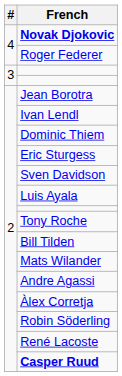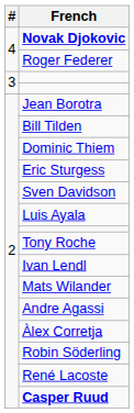 <table class=wikitable style="display:inline-table;">
 <tr>
 <th>#</th>
 <th>French</th>
 </tr>
 <tr>
 <td rowspan="2">4</td>
 <td> <strong><a href='#'>Novak Djokovic</a></strong></td>
 </tr>
 <tr>
 <td> <a href='#'>Roger Federer</a></td>
 </tr>
 <tr>
 <td rowspan="2">3</td>
 <td></td>
 </tr>
 <tr>
 <td></td>
 </tr>
 <tr>
 <td rowspan="15">2</td>
 <td> <a href='#'>Jean Borotra</a></td>
 </tr>
 <tr>
-<td> <a href='#'>Ivan Lendl</a></td>
+<td> <a href='#'>Bill Tilden</a></td>
 </tr>
 <tr>
 <td> <a href='#'>Dominic Thiem</a></td>
 </tr>
 <tr>
 <td> <a href='#'>Eric Sturgess</a></td>
 </tr>
 <tr>
 <td> <a href='#'>Sven Davidson</a></td>
 </tr>
 <tr>
 <td> <a href='#'>Luis Ayala</a></td>
 </tr>
 <tr>
 <td></td>
 </tr>
 <tr>
 <td> <a href='#'>Tony Roche</a></td>
 </tr>
 <tr>
-<td> <a href='#'>Bill Tilden</a></td>
+<td> <a href='#'>Ivan Lendl</a></td>
 </tr>
 <tr>
 <td> <a href='#'>Mats Wilander</a></td>
 </tr>
 <tr>
 <td> <a href='#'>Andre Agassi</a></td>
 </tr>
 <tr>
 <td> <a href='#'>Àlex Corretja</a></td>
 </tr>
 <tr>
 <td> <a href='#'>Robin Söderling</a></td>
 </tr>
 <tr>
 <td> <a href='#'>René Lacoste</a></td>
 </tr>
 <tr>
 <td> <strong><a href='#'>Casper Ruud</a></strong></td>
 </tr>
 </table>
